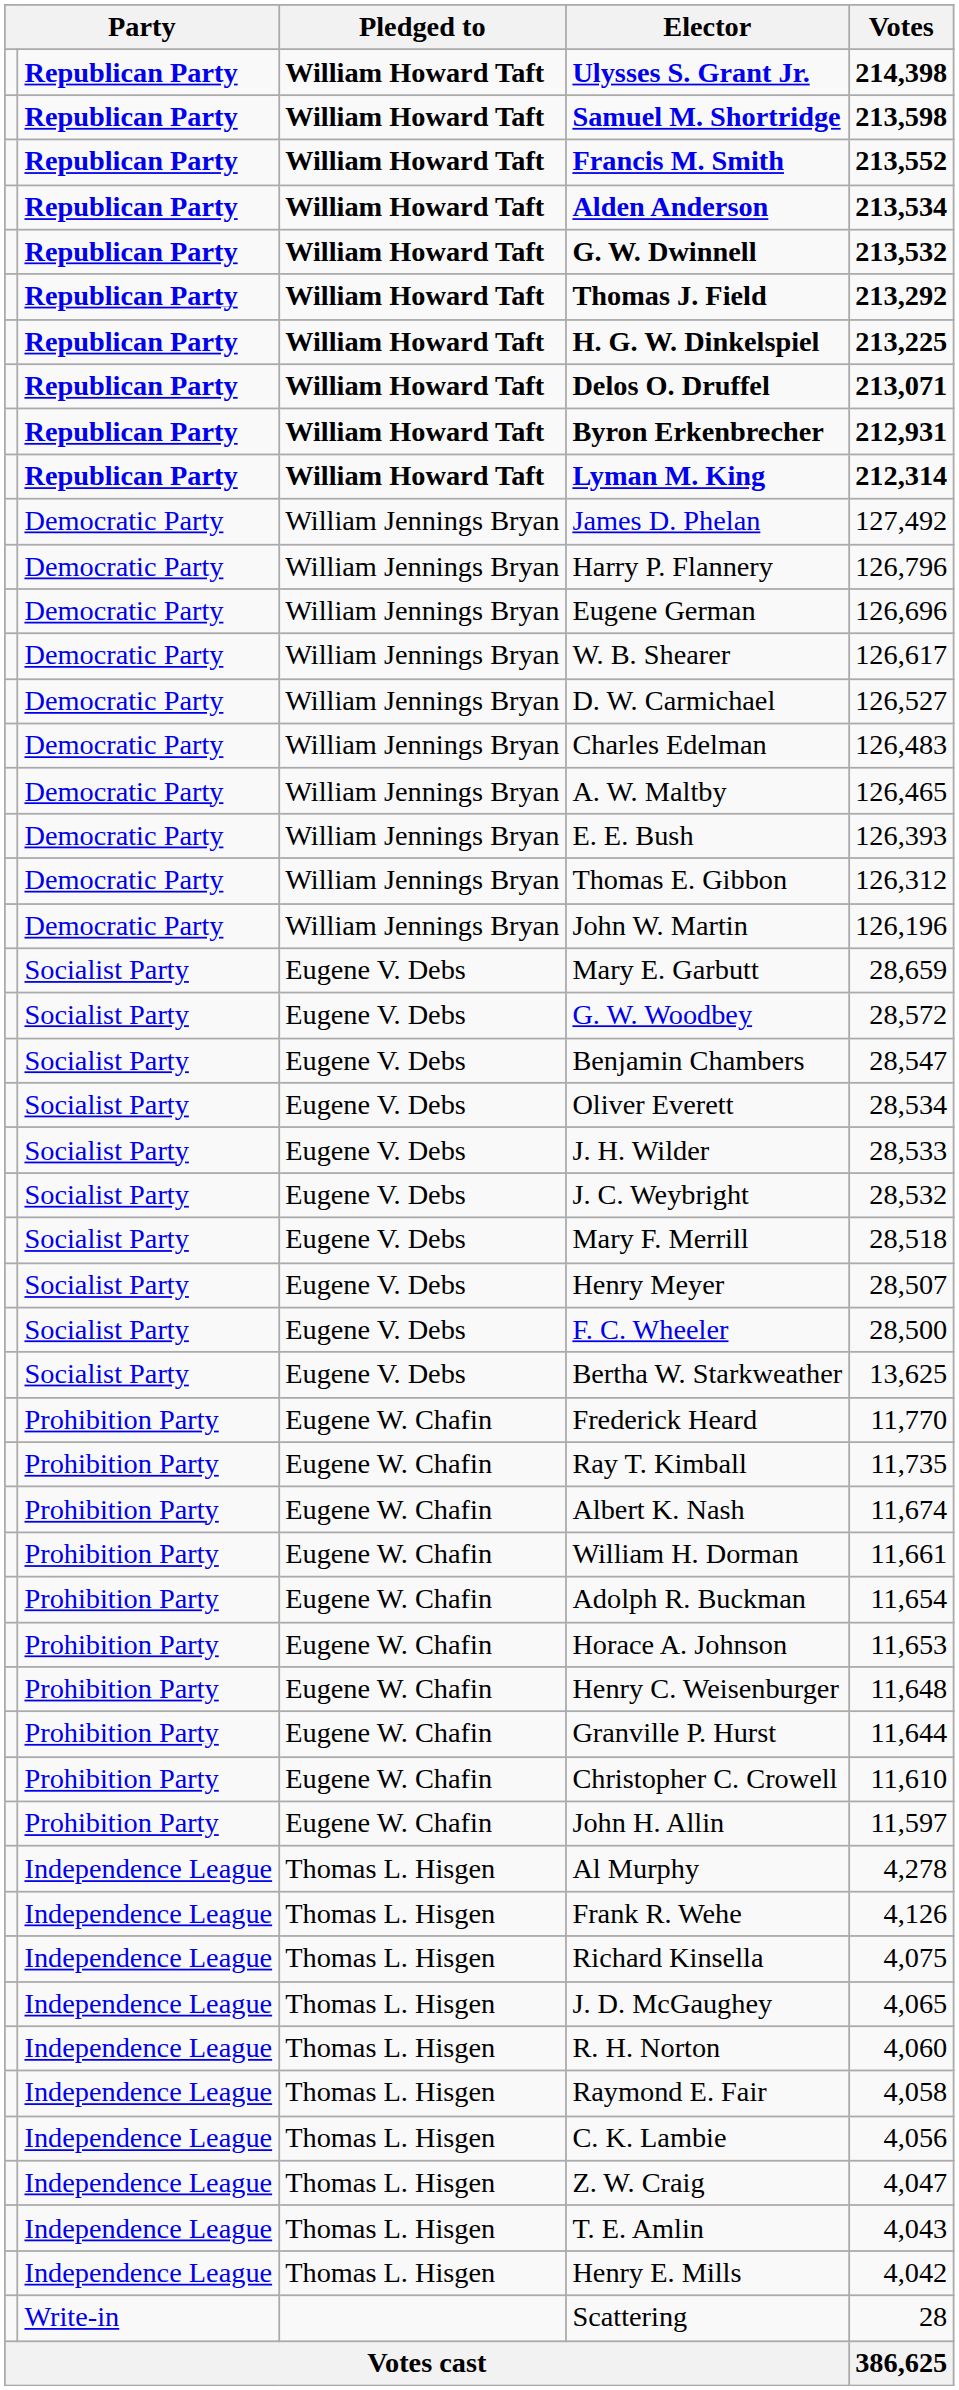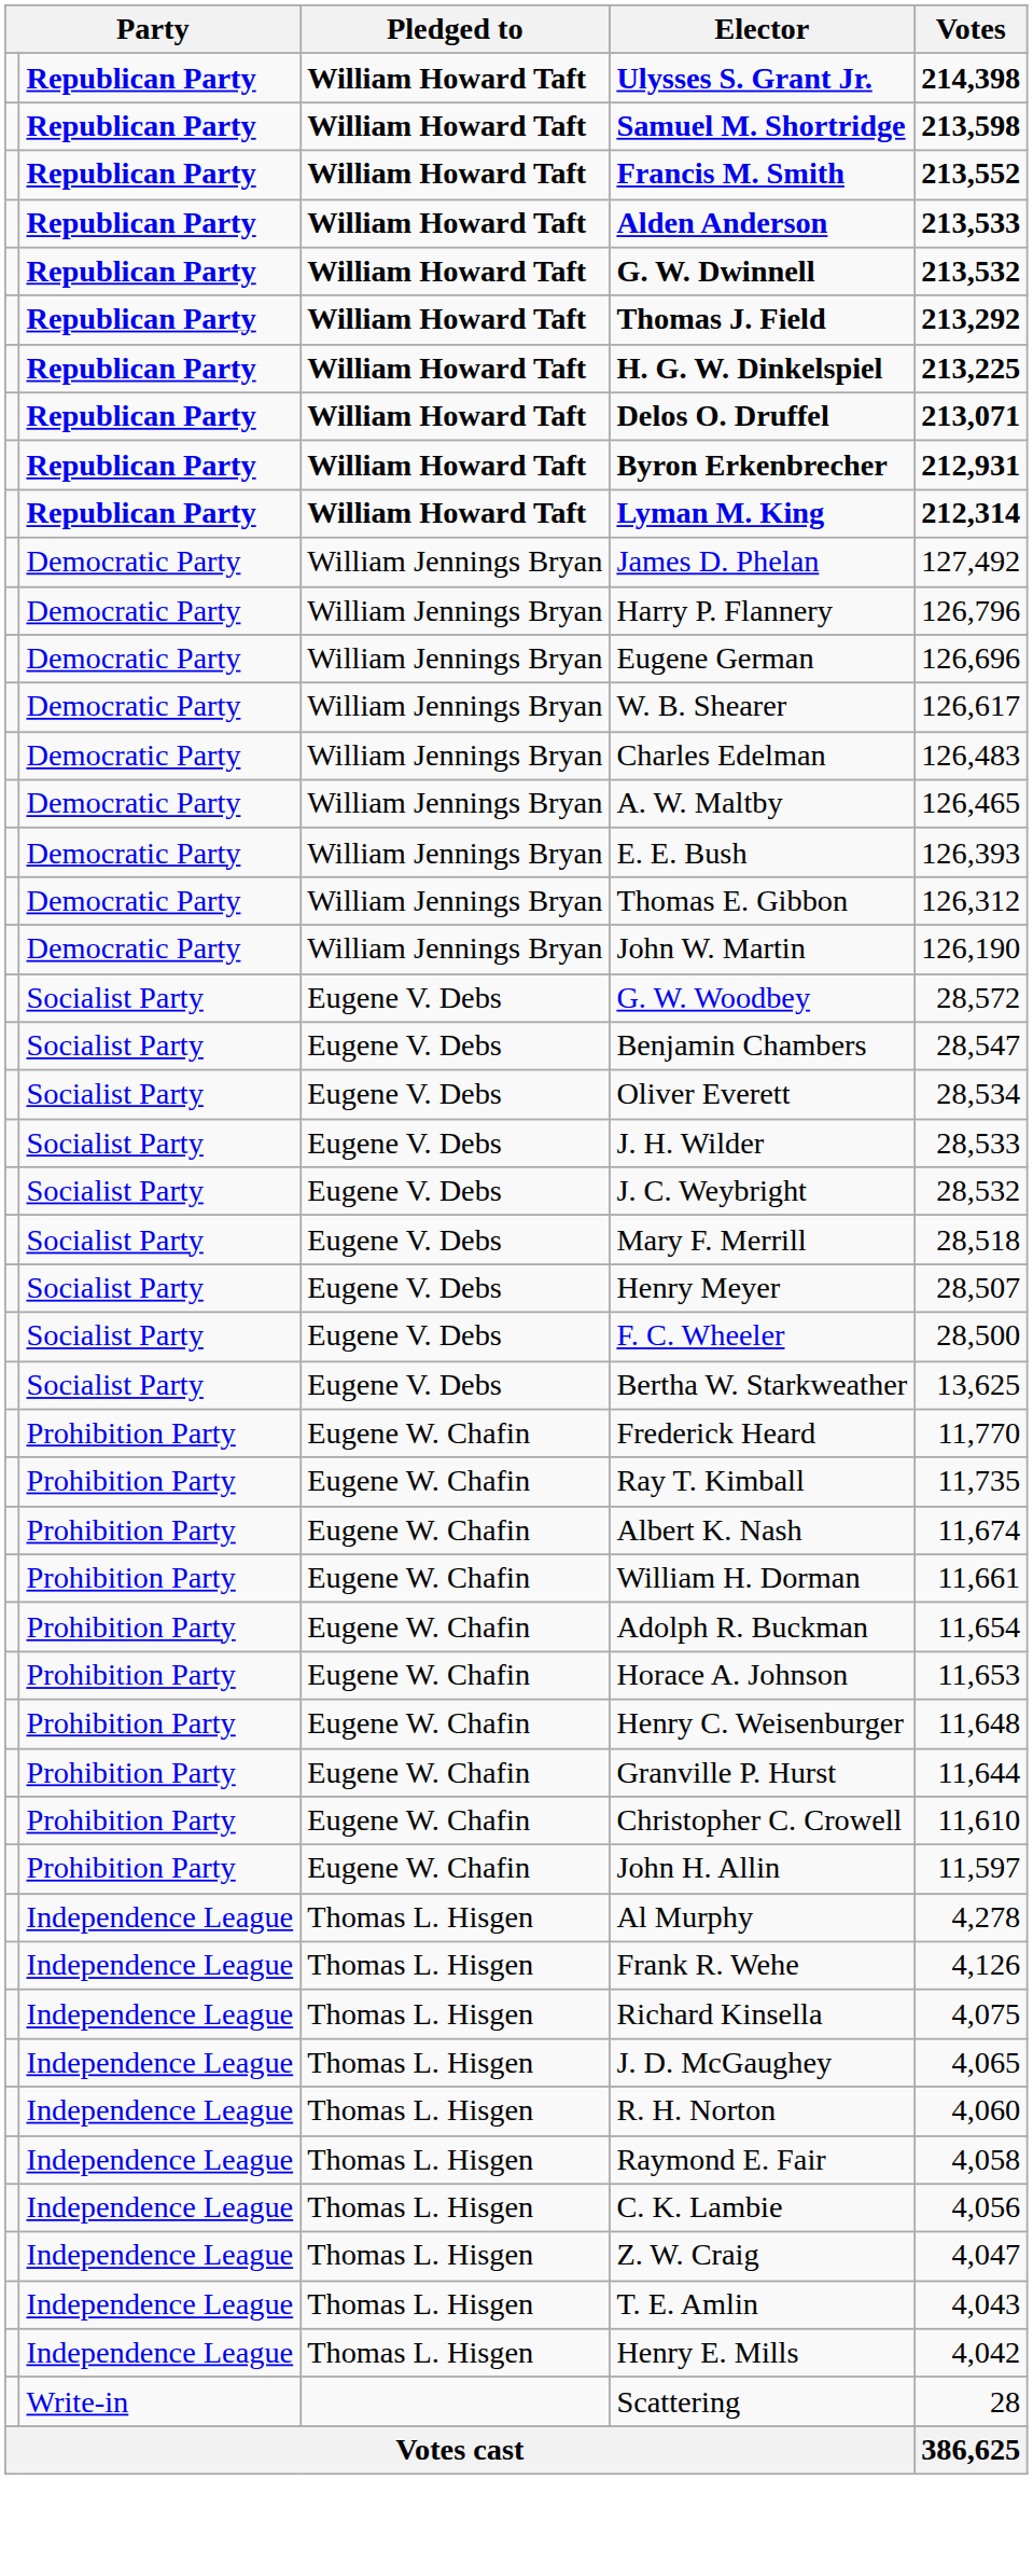 <table class="wikitable">
 <tr>
 <th colspan=2>Party</th>
 <th>Pledged to</th>
 <th>Elector</th>
 <th>Votes</th>
 </tr>
 <tr style="font-weight:bold">
 <td></td>
 <td><a href='#'>Republican Party</a></td>
 <td>William Howard Taft</td>
 <td><a href='#'>Ulysses S. Grant Jr.</a></td>
 <td align=right>214,398</td>
 </tr>
 <tr style="font-weight:bold">
 <td></td>
 <td><a href='#'>Republican Party</a></td>
 <td>William Howard Taft</td>
 <td><a href='#'>Samuel M. Shortridge</a></td>
 <td align=right>213,598</td>
 </tr>
 <tr style="font-weight:bold">
 <td></td>
 <td><a href='#'>Republican Party</a></td>
 <td>William Howard Taft</td>
 <td><a href='#'>Francis M. Smith</a></td>
 <td align=right>213,552</td>
 </tr>
 <tr style="font-weight:bold">
 <td></td>
 <td><a href='#'>Republican Party</a></td>
 <td>William Howard Taft</td>
 <td><a href='#'>Alden Anderson</a></td>
-<td align=right>213,534</td>
+<td align=right>213,533</td>
 </tr>
 <tr style="font-weight:bold">
 <td></td>
 <td><a href='#'>Republican Party</a></td>
 <td>William Howard Taft</td>
 <td>G. W. Dwinnell</td>
 <td align=right>213,532</td>
 </tr>
 <tr style="font-weight:bold">
 <td></td>
 <td><a href='#'>Republican Party</a></td>
 <td>William Howard Taft</td>
 <td>Thomas J. Field</td>
 <td align=right>213,292</td>
 </tr>
 <tr style="font-weight:bold">
 <td></td>
 <td><a href='#'>Republican Party</a></td>
 <td>William Howard Taft</td>
 <td>H. G. W. Dinkelspiel</td>
 <td align=right>213,225</td>
 </tr>
 <tr style="font-weight:bold">
 <td></td>
 <td><a href='#'>Republican Party</a></td>
 <td>William Howard Taft</td>
 <td>Delos O. Druffel</td>
 <td align=right>213,071</td>
 </tr>
 <tr style="font-weight:bold">
 <td></td>
 <td><a href='#'>Republican Party</a></td>
 <td>William Howard Taft</td>
 <td>Byron Erkenbrecher</td>
 <td align=right>212,931</td>
 </tr>
 <tr style="font-weight:bold">
 <td></td>
 <td><a href='#'>Republican Party</a></td>
 <td>William Howard Taft</td>
 <td><a href='#'>Lyman M. King</a></td>
 <td align=right>212,314</td>
 </tr>
 <tr>
 <td bgcolor=></td>
 <td><a href='#'>Democratic Party</a></td>
 <td>William Jennings Bryan</td>
 <td><a href='#'>James D. Phelan</a></td>
 <td align="right">127,492</td>
 </tr>
 <tr>
 <td bgcolor=></td>
 <td><a href='#'>Democratic Party</a></td>
 <td>William Jennings Bryan</td>
 <td>Harry P. Flannery</td>
 <td align="right">126,796</td>
 </tr>
 <tr>
 <td bgcolor=></td>
 <td><a href='#'>Democratic Party</a></td>
 <td>William Jennings Bryan</td>
 <td>Eugene German</td>
 <td align="right">126,696</td>
 </tr>
 <tr>
 <td bgcolor=></td>
 <td><a href='#'>Democratic Party</a></td>
 <td>William Jennings Bryan</td>
 <td>W. B. Shearer</td>
 <td align="right">126,617</td>
 </tr>
 <tr>
 <td bgcolor=></td>
 <td><a href='#'>Democratic Party</a></td>
 <td>William Jennings Bryan</td>
-<td>D. W. Carmichael</td>
-<td align="right">126,527</td>
-</tr>
-<tr>
-<td bgcolor=></td>
-<td><a href='#'>Democratic Party</a></td>
-<td>William Jennings Bryan</td>
 <td>Charles Edelman</td>
 <td align="right">126,483</td>
 </tr>
 <tr>
 <td bgcolor=></td>
 <td><a href='#'>Democratic Party</a></td>
 <td>William Jennings Bryan</td>
 <td>A. W. Maltby</td>
 <td align="right">126,465</td>
 </tr>
 <tr>
 <td bgcolor=></td>
 <td><a href='#'>Democratic Party</a></td>
 <td>William Jennings Bryan</td>
 <td>E. E. Bush</td>
 <td align="right">126,393</td>
 </tr>
 <tr>
 <td bgcolor=></td>
 <td><a href='#'>Democratic Party</a></td>
 <td>William Jennings Bryan</td>
 <td>Thomas E. Gibbon</td>
 <td align="right">126,312</td>
 </tr>
 <tr>
 <td bgcolor=></td>
 <td><a href='#'>Democratic Party</a></td>
 <td>William Jennings Bryan</td>
 <td>John W. Martin</td>
-<td align="right">126,196</td>
-</tr>
-<tr>
-<td bgcolor=></td>
-<td><a href='#'>Socialist Party</a></td>
-<td>Eugene V. Debs</td>
-<td>Mary E. Garbutt</td>
-<td align="right">28,659</td>
+<td align="right">126,190</td>
 </tr>
 <tr>
 <td bgcolor=></td>
 <td><a href='#'>Socialist Party</a></td>
 <td>Eugene V. Debs</td>
 <td><a href='#'>G. W. Woodbey</a></td>
 <td align="right">28,572</td>
 </tr>
 <tr>
 <td bgcolor=></td>
 <td><a href='#'>Socialist Party</a></td>
 <td>Eugene V. Debs</td>
 <td>Benjamin Chambers</td>
 <td align="right">28,547</td>
 </tr>
 <tr>
 <td bgcolor=></td>
 <td><a href='#'>Socialist Party</a></td>
 <td>Eugene V. Debs</td>
 <td>Oliver Everett</td>
 <td align="right">28,534</td>
 </tr>
 <tr>
 <td bgcolor=></td>
 <td><a href='#'>Socialist Party</a></td>
 <td>Eugene V. Debs</td>
 <td>J. H. Wilder</td>
 <td align="right">28,533</td>
 </tr>
 <tr>
 <td bgcolor=></td>
 <td><a href='#'>Socialist Party</a></td>
 <td>Eugene V. Debs</td>
 <td>J. C. Weybright</td>
 <td align="right">28,532</td>
 </tr>
 <tr>
 <td bgcolor=></td>
 <td><a href='#'>Socialist Party</a></td>
 <td>Eugene V. Debs</td>
 <td>Mary F. Merrill</td>
 <td align="right">28,518</td>
 </tr>
 <tr>
 <td bgcolor=></td>
 <td><a href='#'>Socialist Party</a></td>
 <td>Eugene V. Debs</td>
 <td>Henry Meyer</td>
 <td align="right">28,507</td>
 </tr>
 <tr>
 <td bgcolor=></td>
 <td><a href='#'>Socialist Party</a></td>
 <td>Eugene V. Debs</td>
 <td><a href='#'>F. C. Wheeler</a></td>
 <td align="right">28,500</td>
 </tr>
 <tr>
 <td bgcolor=></td>
 <td><a href='#'>Socialist Party</a></td>
 <td>Eugene V. Debs</td>
 <td>Bertha W. Starkweather</td>
 <td align="right">13,625</td>
 </tr>
 <tr>
 <td></td>
 <td><a href='#'>Prohibition Party</a></td>
 <td>Eugene W. Chafin</td>
 <td>Frederick Heard</td>
 <td align="right">11,770</td>
 </tr>
 <tr>
 <td></td>
 <td><a href='#'>Prohibition Party</a></td>
 <td>Eugene W. Chafin</td>
 <td>Ray T. Kimball</td>
 <td align="right">11,735</td>
 </tr>
 <tr>
 <td></td>
 <td><a href='#'>Prohibition Party</a></td>
 <td>Eugene W. Chafin</td>
 <td>Albert K. Nash</td>
 <td align="right">11,674</td>
 </tr>
 <tr>
 <td></td>
 <td><a href='#'>Prohibition Party</a></td>
 <td>Eugene W. Chafin</td>
 <td>William H. Dorman</td>
 <td align="right">11,661</td>
 </tr>
 <tr>
 <td></td>
 <td><a href='#'>Prohibition Party</a></td>
 <td>Eugene W. Chafin</td>
 <td>Adolph R. Buckman</td>
 <td align="right">11,654</td>
 </tr>
 <tr>
 <td></td>
 <td><a href='#'>Prohibition Party</a></td>
 <td>Eugene W. Chafin</td>
 <td>Horace A. Johnson</td>
 <td align="right">11,653</td>
 </tr>
 <tr>
 <td></td>
 <td><a href='#'>Prohibition Party</a></td>
 <td>Eugene W. Chafin</td>
 <td>Henry C. Weisenburger</td>
 <td align="right">11,648</td>
 </tr>
 <tr>
 <td></td>
 <td><a href='#'>Prohibition Party</a></td>
 <td>Eugene W. Chafin</td>
 <td>Granville P. Hurst</td>
 <td align="right">11,644</td>
 </tr>
 <tr>
 <td></td>
 <td><a href='#'>Prohibition Party</a></td>
 <td>Eugene W. Chafin</td>
 <td>Christopher C. Crowell</td>
 <td align="right">11,610</td>
 </tr>
 <tr>
 <td></td>
 <td><a href='#'>Prohibition Party</a></td>
 <td>Eugene W. Chafin</td>
 <td>John H. Allin</td>
 <td align="right">11,597</td>
 </tr>
 <tr>
 <td></td>
 <td><a href='#'>Independence League</a></td>
 <td>Thomas L. Hisgen</td>
 <td>Al Murphy</td>
 <td align="right">4,278</td>
 </tr>
 <tr>
 <td></td>
 <td><a href='#'>Independence League</a></td>
 <td>Thomas L. Hisgen</td>
 <td>Frank R. Wehe</td>
 <td align="right">4,126</td>
 </tr>
 <tr>
 <td></td>
 <td><a href='#'>Independence League</a></td>
 <td>Thomas L. Hisgen</td>
 <td>Richard Kinsella</td>
 <td align="right">4,075</td>
 </tr>
 <tr>
 <td></td>
 <td><a href='#'>Independence League</a></td>
 <td>Thomas L. Hisgen</td>
 <td>J. D. McGaughey</td>
 <td align="right">4,065</td>
 </tr>
 <tr>
 <td></td>
 <td><a href='#'>Independence League</a></td>
 <td>Thomas L. Hisgen</td>
 <td>R. H. Norton</td>
 <td align="right">4,060</td>
 </tr>
 <tr>
 <td></td>
 <td><a href='#'>Independence League</a></td>
 <td>Thomas L. Hisgen</td>
 <td>Raymond E. Fair</td>
 <td align="right">4,058</td>
 </tr>
 <tr>
 <td></td>
 <td><a href='#'>Independence League</a></td>
 <td>Thomas L. Hisgen</td>
 <td>C. K. Lambie</td>
 <td align="right">4,056</td>
 </tr>
 <tr>
 <td></td>
 <td><a href='#'>Independence League</a></td>
 <td>Thomas L. Hisgen</td>
 <td>Z. W. Craig</td>
 <td align="right">4,047</td>
 </tr>
 <tr>
 <td></td>
 <td><a href='#'>Independence League</a></td>
 <td>Thomas L. Hisgen</td>
 <td>T. E. Amlin</td>
 <td align="right">4,043</td>
 </tr>
 <tr>
 <td></td>
 <td><a href='#'>Independence League</a></td>
 <td>Thomas L. Hisgen</td>
 <td>Henry E. Mills</td>
 <td align="right">4,042</td>
 </tr>
 <tr>
 <td></td>
 <td><a href='#'>Write-in</a></td>
 <td></td>
 <td>Scattering</td>
 <td align="right">28</td>
 </tr>
 <tr>
 <th colspan="4">Votes cast</th>
 <th>386,625</th>
 </tr>
 </table>
